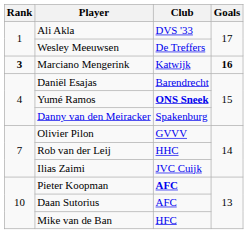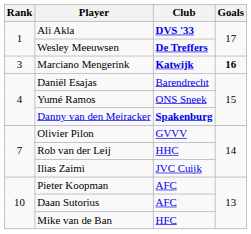 <table class=wikitable style=text-align:center>
 <tr>
 <th>Rank</th>
 <th>Player</th>
 <th>Club</th>
 <th>Goals</th>
 </tr>
 <tr>
 <td rowspan=2>1</td>
 <td align=left> Ali Akla</td>
-<td align=left><a href='#'>DVS '33</a></td>
+<td align=left><strong><a href='#'>DVS '33</a></strong></td>
 <td rowspan=2>17</td>
 </tr>
 <tr>
 <td align=left> Wesley Meeuwsen</td>
-<td align=left><a href='#'>De Treffers</a></td>
+<td align=left><strong><a href='#'>De Treffers</a></strong></td>
 </tr>
 <tr>
-<td><strong>3</strong></td>
+<td>3</td>
 <td align=left> Marciano Mengerink</td>
-<td align=left><a href='#'>Katwijk</a></td>
+<td align=left><strong><a href='#'>Katwijk</a></strong></td>
 <td><strong>16</strong></td>
 </tr>
 <tr>
 <td rowspan=3>4</td>
 <td align=left> Daniël Esajas</td>
 <td align=left><a href='#'>Barendrecht</a></td>
 <td rowspan=3>15</td>
 </tr>
 <tr>
 <td align=left> Yumé Ramos</td>
-<td align=left><strong><a href='#'>ONS Sneek</a></strong></td>
+<td align=left><a href='#'>ONS Sneek</a></td>
 </tr>
 <tr>
 <td align=left> <a href='#'>Danny van den Meiracker</a></td>
-<td align=left><a href='#'>Spakenburg</a></td>
+<td align=left><strong><a href='#'>Spakenburg</a></strong></td>
 </tr>
 <tr>
 <td rowspan=3>7</td>
 <td align=left> Olivier Pilon</td>
 <td align=left><a href='#'>GVVV</a></td>
 <td rowspan=3>14</td>
 </tr>
 <tr>
 <td align=left> Rob van der Leij</td>
 <td align=left><a href='#'>HHC</a></td>
 </tr>
 <tr>
 <td align=left> Ilias Zaimi</td>
 <td align=left><a href='#'>JVC Cuijk</a></td>
 </tr>
 <tr>
 <td rowspan=3>10</td>
 <td align=left> Pieter Koopman</td>
-<td align=left><strong><a href='#'>AFC</a></strong></td>
+<td align=left><a href='#'>AFC</a></td>
 <td rowspan=3>13</td>
 </tr>
 <tr>
 <td align=left> Daan Sutorius</td>
 <td align=left><a href='#'>AFC</a></td>
 </tr>
 <tr>
 <td align=left> Mike van de Ban</td>
 <td align=left><a href='#'>HFC</a></td>
 </tr>
 </table>
